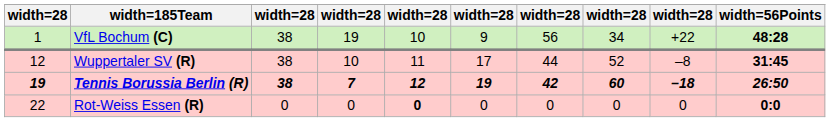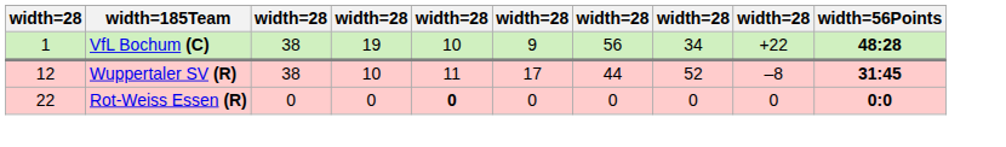 <table class="wikitable">
 <tr align="center" bgcolor="dfdfdf">
 </tr>
 <tr>
 <th>width=28<br></th>
 <th>width=185Team<br></th>
 <th>width=28<br></th>
 <th>width=28<br></th>
 <th>width=28<br></th>
 <th>width=28<br></th>
 <th>width=28<br></th>
 <th>width=28<br></th>
 <th>width=28<br></th>
 <th>width=56Points<br></th>
 </tr>
 <tr align="center" valign="top" bgcolor="D0F0C0">
 <td>1</td>
 <td align=left><a href='#'>VfL Bochum</a> <strong>(C)</strong></td>
 <td>38</td>
 <td>19</td>
 <td>10</td>
 <td>9</td>
 <td>56</td>
 <td>34</td>
 <td>+22</td>
 <td><strong>48:28</strong></td>
 </tr>
 <tr align="center" valign="top" bgcolor="#FFCCCC" style="border-top:3px solid grey;">
 <td>12</td>
 <td align=left><a href='#'>Wuppertaler SV</a> <strong>(R)</strong></td>
 <td>38</td>
 <td>10</td>
 <td>11</td>
 <td>17</td>
 <td>44</td>
 <td>52</td>
 <td>–8</td>
 <td><strong>31:45</strong></td>
 </tr>
 <tr align="center" valign="top" bgcolor="#FFCCCC">
-<td><strong><em>19</em></strong></td>
-<td align=left><strong><em><a href='#'>Tennis Borussia Berlin</a> (R)</em></strong></td>
-<td><strong><em>38</em></strong></td>
-<td><strong><em>7</em></strong></td>
-<td><strong><em>12</em></strong></td>
-<td><strong><em>19</em></strong></td>
-<td><strong><em>42</em></strong></td>
-<td><strong><em>60</em></strong></td>
-<td><strong><em>–18</em></strong></td>
-<td><strong><em>26:50</em></strong></td>
-</tr>
-<tr align="center" valign="top" bgcolor="#FFCCCC">
 <td>22</td>
 <td align=left><a href='#'>Rot-Weiss Essen</a> <strong>(R)</strong></td>
 <td>0</td>
 <td>0</td>
 <td><strong>0</strong></td>
 <td>0</td>
 <td>0</td>
 <td>0</td>
 <td>0</td>
 <td><strong>0:0</strong></td>
 </tr>
 </table>
